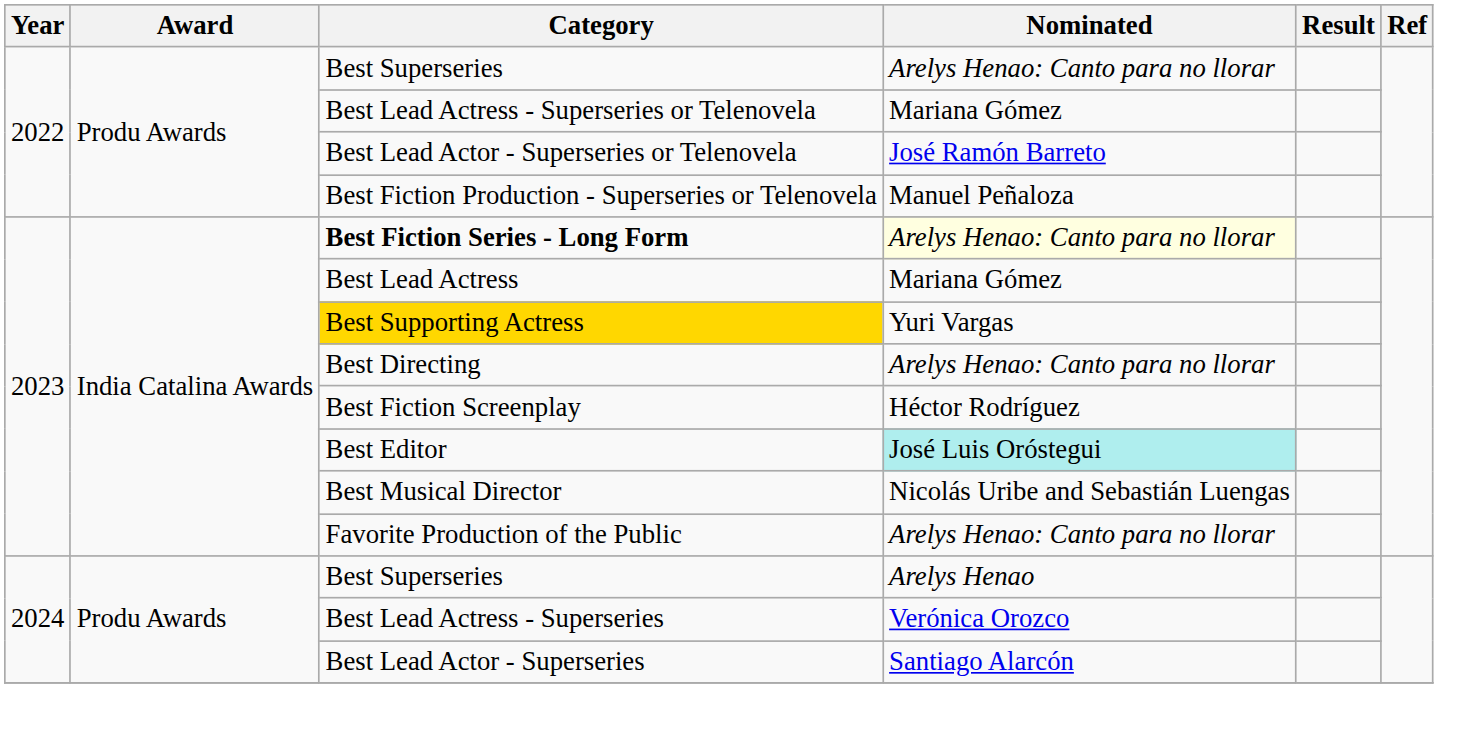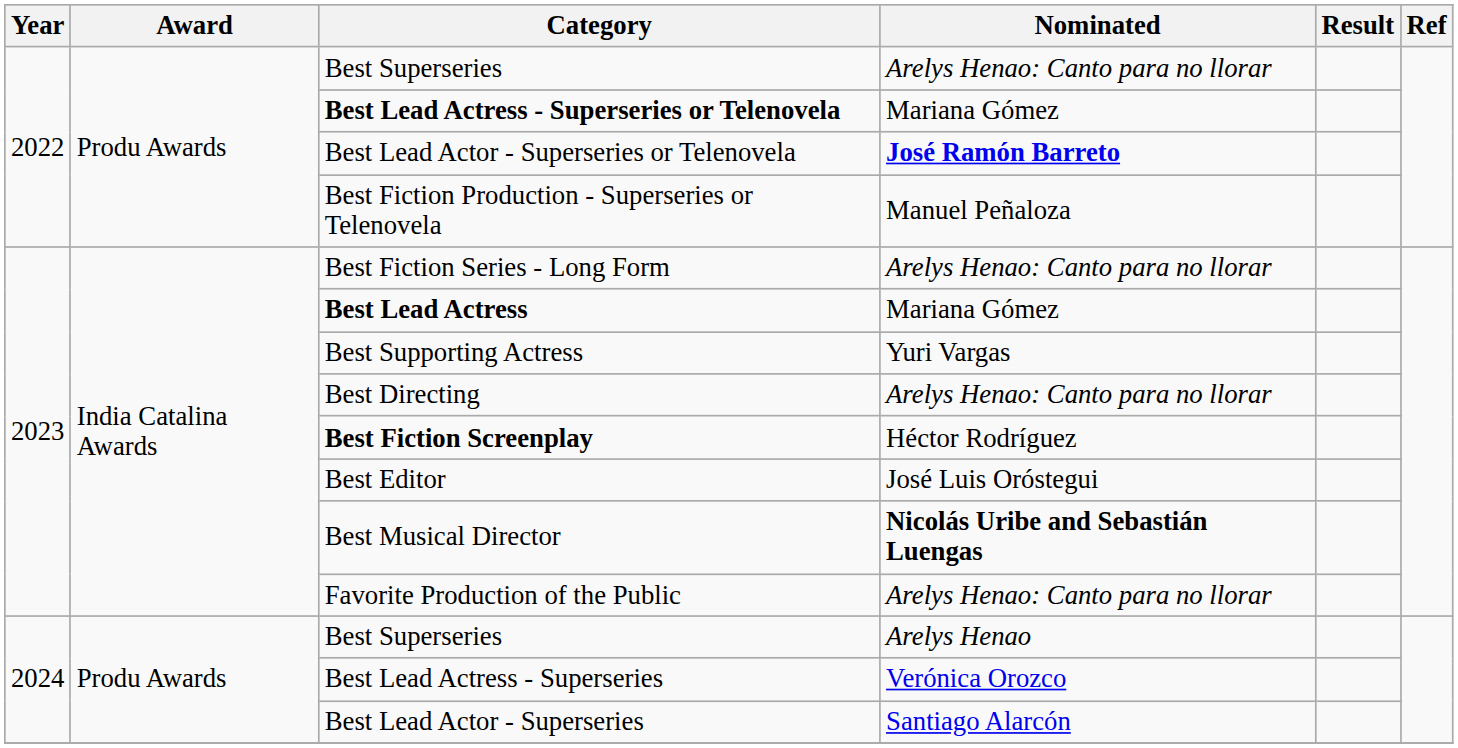 <table class="wikitable plainrowheaders">
 <tr>
 <th scope="col">Year</th>
 <th scope="col">Award</th>
 <th scope="col">Category</th>
 <th scope="col">Nominated</th>
 <th scope="col">Result</th>
 <th scope="col">Ref</th>
 </tr>
 <tr>
 <td rowspan="4">2022</td>
 <td rowspan="4">Produ Awards</td>
 <td>Best Superseries</td>
 <td><em>Arelys Henao: Canto para no llorar</em></td>
 <td></td>
 <td align="center" rowspan="4"></td>
 </tr>
 <tr>
-<td>Best Lead Actress - Superseries or Telenovela</td>
+<td><strong>Best Lead Actress - Superseries or Telenovela</strong></td>
 <td>Mariana Gómez</td>
 <td></td>
 </tr>
 <tr>
 <td>Best Lead Actor - Superseries or Telenovela</td>
-<td><a href='#'>José Ramón Barreto</a></td>
+<td><strong><a href='#'>José Ramón Barreto</a></strong></td>
 <td></td>
 </tr>
 <tr>
 <td>Best Fiction Production - Superseries or Telenovela</td>
 <td>Manuel Peñaloza</td>
 <td></td>
 </tr>
 <tr>
 <td rowspan="8">2023</td>
 <td rowspan="8">India Catalina Awards</td>
-<td><strong>Best Fiction Series - Long Form</strong></td>
-<td style="background: lightyellow;"><em>Arelys Henao: Canto para no llorar</em></td>
+<td>Best Fiction Series - Long Form</td>
+<td><em>Arelys Henao: Canto para no llorar</em></td>
 <td></td>
 <td align="center" rowspan="8"></td>
 </tr>
 <tr>
-<td>Best Lead Actress</td>
+<td><strong>Best Lead Actress</strong></td>
 <td>Mariana Gómez</td>
 <td></td>
 </tr>
 <tr>
-<td style="background: gold;">Best Supporting Actress</td>
+<td>Best Supporting Actress</td>
 <td>Yuri Vargas</td>
 <td></td>
 </tr>
 <tr>
 <td>Best Directing</td>
 <td><em>Arelys Henao: Canto para no llorar</em></td>
 <td></td>
 </tr>
 <tr>
-<td>Best Fiction Screenplay</td>
+<td><strong>Best Fiction Screenplay</strong></td>
 <td>Héctor Rodríguez</td>
 <td></td>
 </tr>
 <tr>
 <td>Best Editor</td>
-<td style="background: paleturquoise;">José Luis Oróstegui</td>
+<td>José Luis Oróstegui</td>
 <td></td>
 </tr>
 <tr>
 <td>Best Musical Director</td>
-<td>Nicolás Uribe and Sebastián Luengas</td>
+<td><strong>Nicolás Uribe and Sebastián Luengas</strong></td>
 <td></td>
 </tr>
 <tr>
 <td>Favorite Production of the Public</td>
 <td><em>Arelys Henao: Canto para no llorar</em></td>
 <td></td>
 </tr>
 <tr>
 <td rowspan="3">2024</td>
 <td rowspan="3">Produ Awards</td>
 <td>Best Superseries</td>
 <td><em>Arelys Henao</em></td>
 <td></td>
 <td align="center" rowspan="3"></td>
 </tr>
 <tr>
 <td>Best Lead Actress - Superseries</td>
 <td><a href='#'>Verónica Orozco</a></td>
 <td></td>
 </tr>
 <tr>
 <td>Best Lead Actor - Superseries</td>
 <td><a href='#'>Santiago Alarcón</a></td>
 <td></td>
 </tr>
 <tr>
 </tr>
 </table>
